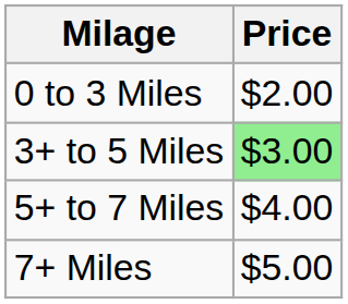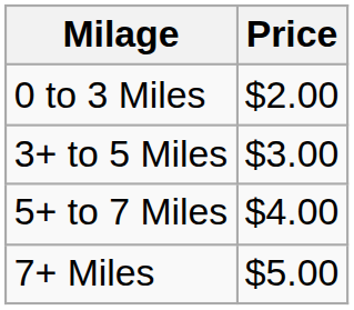 <table class="wikitable">
 <tr>
 <th>Milage</th>
 <th>Price</th>
 </tr>
 <tr>
 <td>0 to 3 Miles</td>
 <td>$2.00</td>
 </tr>
 <tr>
 <td>3+ to 5 Miles</td>
-<td style="background: lightgreen;">$3.00</td>
+<td>$3.00</td>
 </tr>
 <tr>
 <td>5+ to 7 Miles</td>
 <td>$4.00</td>
 </tr>
 <tr>
 <td>7+ Miles</td>
 <td>$5.00</td>
 </tr>
 </table>
